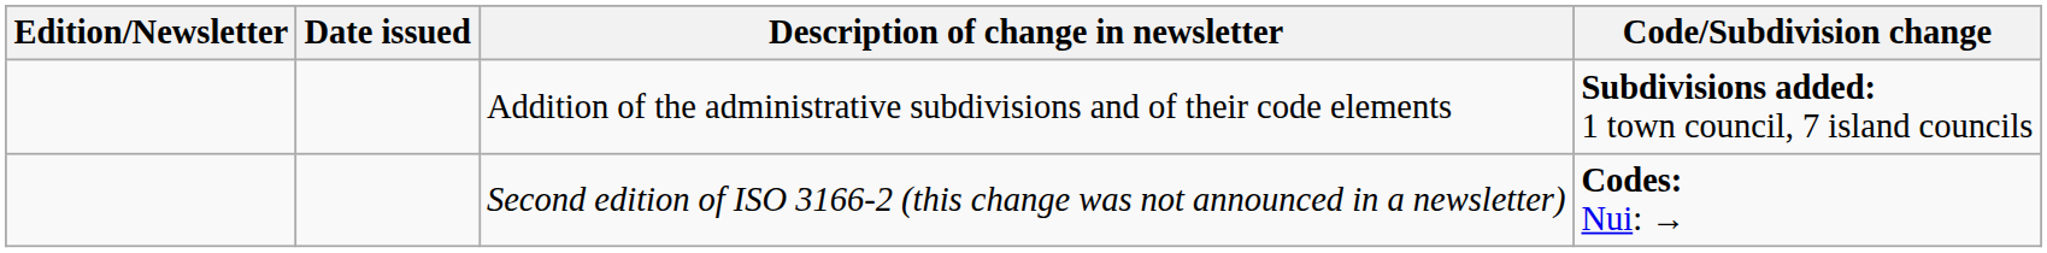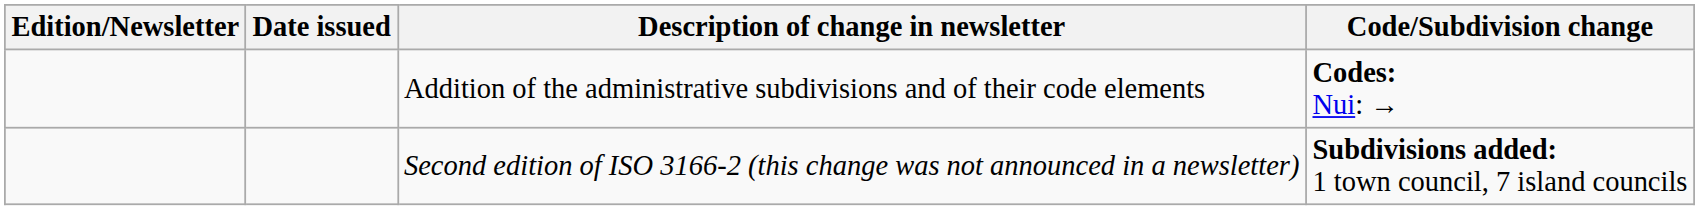 <table class="wikitable">
 <tr>
 <th>Edition/Newsletter</th>
 <th>Date issued</th>
 <th>Description of change in newsletter</th>
 <th>Code/Subdivision change</th>
 </tr>
 <tr>
 <td id="I-8"></td>
 <td></td>
 <td>Addition of the administrative subdivisions and of their code elements</td>
-<td style=white-space:nowrap><strong>Subdivisions added:</strong><br> 1 town council, 7 island councils</td>
+<td style=white-space:nowrap><strong>Codes:</strong><br> <a href='#'>Nui</a>:  → </td>
 </tr>
 <tr>
 <td id="II"></td>
 <td></td>
 <td><em>Second edition of ISO 3166-2 (this change was not announced in a newsletter)</em></td>
-<td style=white-space:nowrap><strong>Codes:</strong><br> <a href='#'>Nui</a>:  → </td>
+<td style=white-space:nowrap><strong>Subdivisions added:</strong><br> 1 town council, 7 island councils</td>
 </tr>
 </table>
